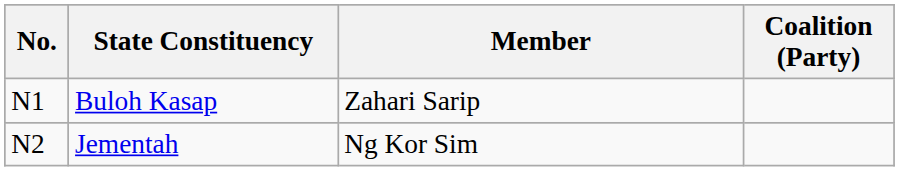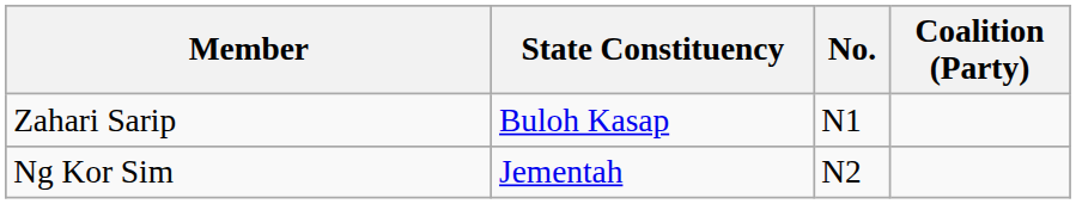 <table class="wikitable sortable">
 <tr>
+<th width="230">Member</th>
+<th width="150">State Constituency</th>
 <th width="30">No.</th>
-<th width="150">State Constituency</th>
-<th width="230">Member</th>
 <th width="80">Coalition (Party)</th>
 </tr>
 <tr>
+<td>Zahari Sarip</td>
+<td><a href='#'>Buloh Kasap</a></td>
 <td>N1</td>
-<td><a href='#'>Buloh Kasap</a></td>
-<td>Zahari Sarip</td>
 <td></td>
 </tr>
 <tr>
+<td>Ng Kor Sim</td>
+<td><a href='#'>Jementah</a></td>
 <td>N2</td>
-<td><a href='#'>Jementah</a></td>
-<td>Ng Kor Sim</td>
 <td></td>
 </tr>
 </table>
